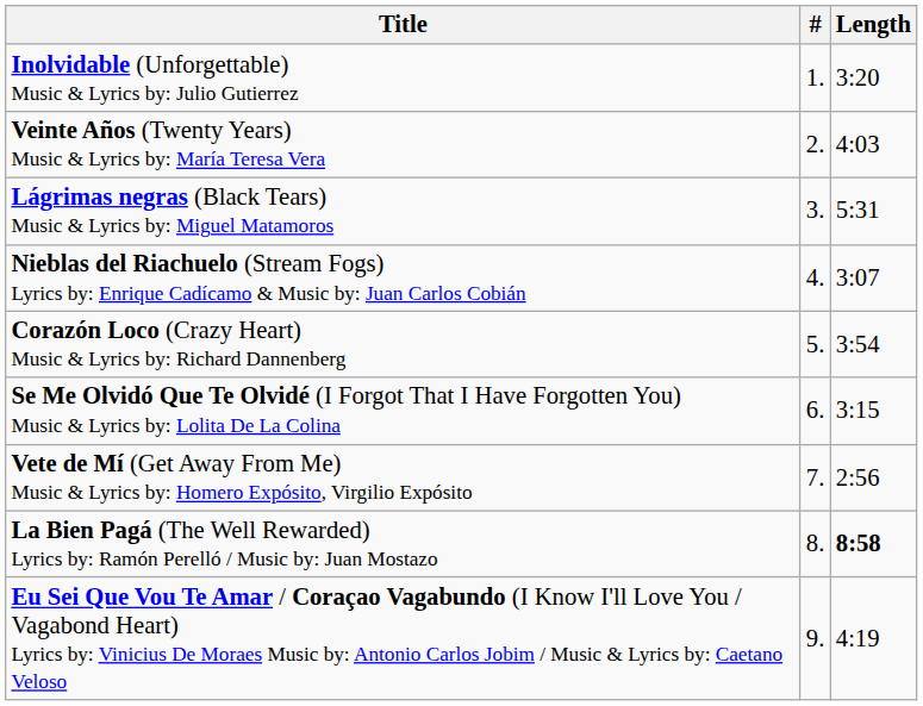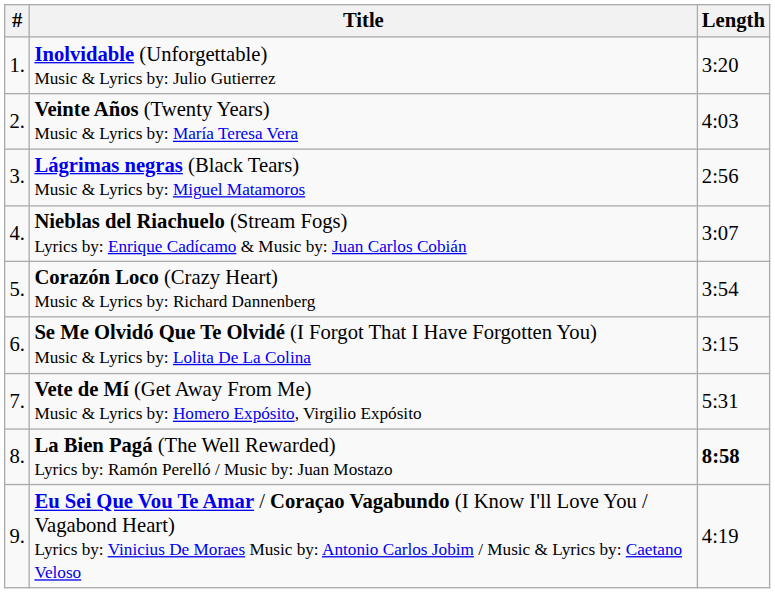 <table class="wikitable">
 <tr>
+<th>#</th>
 <th style="width:510px;">Title</th>
-<th>#</th>
 <th>Length</th>
 </tr>
 <tr>
+<td>1.</td>
 <td><strong><a href='#'>Inolvidable</a></strong> (Unforgettable)<br><small>Music & Lyrics by: Julio Gutierrez</small></td>
-<td>1.</td>
 <td>3:20</td>
 </tr>
 <tr>
+<td>2.</td>
 <td><strong>Veinte Años</strong> (Twenty Years)<br><small>Music & Lyrics by: <a href='#'>María Teresa Vera</a></small></td>
-<td>2.</td>
 <td>4:03</td>
 </tr>
 <tr>
+<td>3.</td>
 <td><strong><a href='#'>Lágrimas negras</a></strong> (Black Tears)<br><small>Music & Lyrics by: <a href='#'>Miguel Matamoros</a></small></td>
-<td>3.</td>
+<td>2:56</td>
+</tr>
+<tr>
+<td>4.</td>
+<td><strong>Nieblas del Riachuelo</strong> (Stream Fogs)<br><small>Lyrics by: <a href='#'>Enrique Cadícamo</a> & Music by: <a href='#'>Juan Carlos Cobián</a></small></td>
+<td>3:07</td>
+</tr>
+<tr>
+<td>5.</td>
+<td><strong>Corazón Loco</strong> (Crazy Heart)<br><small>Music & Lyrics by: Richard Dannenberg</small></td>
+<td>3:54</td>
+</tr>
+<tr>
+<td>6.</td>
+<td><strong>Se Me Olvidó Que Te Olvidé</strong> (I Forgot That I Have Forgotten You)<br><small>Music & Lyrics by: <a href='#'>Lolita De La Colina</a></small></td>
+<td>3:15</td>
+</tr>
+<tr>
+<td>7.</td>
+<td><strong>Vete de Mí</strong> (Get Away From Me)<br><small>Music & Lyrics by: <a href='#'>Homero Expósito</a>, Virgilio Expósito</small></td>
 <td>5:31</td>
 </tr>
 <tr>
-<td><strong>Nieblas del Riachuelo</strong> (Stream Fogs)<br><small>Lyrics by: <a href='#'>Enrique Cadícamo</a> & Music by: <a href='#'>Juan Carlos Cobián</a></small></td>
-<td>4.</td>
-<td>3:07</td>
-</tr>
-<tr>
-<td><strong>Corazón Loco</strong> (Crazy Heart)<br><small>Music & Lyrics by: Richard Dannenberg</small></td>
-<td>5.</td>
-<td>3:54</td>
-</tr>
-<tr>
-<td><strong>Se Me Olvidó Que Te Olvidé</strong> (I Forgot That I Have Forgotten You)<br><small>Music & Lyrics by: <a href='#'>Lolita De La Colina</a></small></td>
-<td>6.</td>
-<td>3:15</td>
-</tr>
-<tr>
-<td><strong>Vete de Mí</strong> (Get Away From Me)<br><small>Music & Lyrics by: <a href='#'>Homero Expósito</a>, Virgilio Expósito</small></td>
-<td>7.</td>
-<td>2:56</td>
-</tr>
-<tr>
+<td>8.</td>
 <td><strong>La Bien Pagá</strong> (The Well Rewarded)<br><small>Lyrics by: Ramón Perelló / Music by: Juan Mostazo</small></td>
-<td>8.</td>
 <td><strong>8:58</strong></td>
 </tr>
 <tr>
+<td>9.</td>
 <td><strong><a href='#'>Eu Sei Que Vou Te Amar</a></strong> / <strong>Coraçao Vagabundo</strong> (I Know I'll Love You / Vagabond Heart) <br><small>Lyrics by: <a href='#'>Vinicius De Moraes</a> Music by: <a href='#'>Antonio Carlos Jobim</a> / Music & Lyrics by: <a href='#'>Caetano Veloso</a></small></td>
-<td>9.</td>
 <td>4:19</td>
 </tr>
 </table>
